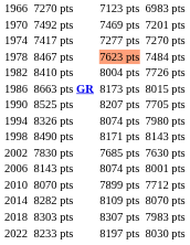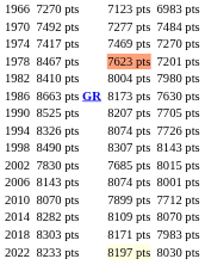 <table>
 <tr>
 <td>1966</td>
 <td></td>
 <td>7270 pts</td>
 <td></td>
 <td>7123 pts</td>
 <td></td>
 <td>6983 pts</td>
 </tr>
 <tr>
 <td>1970</td>
 <td></td>
 <td>7492 pts</td>
 <td></td>
-<td>7469 pts</td>
+<td>7277 pts</td>
 <td></td>
-<td>7201 pts</td>
+<td>7484 pts</td>
 </tr>
 <tr>
 <td>1974</td>
 <td></td>
 <td>7417 pts</td>
 <td></td>
-<td>7277 pts</td>
+<td>7469 pts</td>
 <td></td>
 <td>7270 pts</td>
 </tr>
 <tr>
 <td>1978</td>
 <td></td>
 <td>8467 pts</td>
 <td></td>
 <td style="background: lightsalmon;">7623 pts</td>
 <td></td>
-<td>7484 pts</td>
+<td>7201 pts</td>
 </tr>
 <tr>
 <td>1982</td>
 <td></td>
 <td>8410 pts</td>
 <td></td>
 <td>8004 pts</td>
 <td></td>
-<td>7726 pts</td>
+<td>7980 pts</td>
 </tr>
 <tr>
 <td>1986</td>
 <td></td>
 <td>8663 pts <strong><a href='#'>GR</a></strong></td>
 <td></td>
 <td>8173 pts</td>
 <td></td>
-<td>8015 pts</td>
+<td>7630 pts</td>
 </tr>
 <tr>
 <td>1990</td>
 <td></td>
 <td>8525 pts</td>
 <td></td>
 <td>8207 pts</td>
 <td></td>
 <td>7705 pts</td>
 </tr>
 <tr>
 <td>1994</td>
 <td></td>
 <td>8326 pts</td>
 <td></td>
 <td>8074 pts</td>
 <td></td>
-<td>7980 pts</td>
+<td>7726 pts</td>
 </tr>
 <tr>
 <td>1998</td>
 <td></td>
 <td>8490 pts</td>
 <td></td>
-<td>8171 pts</td>
+<td>8307 pts</td>
 <td></td>
 <td>8143 pts</td>
 </tr>
 <tr>
 <td>2002</td>
 <td></td>
 <td>7830 pts</td>
 <td></td>
 <td>7685 pts</td>
 <td></td>
-<td>7630 pts</td>
+<td>8015 pts</td>
 </tr>
 <tr>
 <td>2006</td>
 <td></td>
 <td>8143 pts</td>
 <td></td>
 <td>8074 pts</td>
 <td></td>
 <td>8001 pts</td>
 </tr>
 <tr>
 <td>2010</td>
 <td></td>
 <td>8070 pts</td>
 <td></td>
 <td>7899 pts</td>
 <td></td>
 <td>7712 pts</td>
 </tr>
 <tr>
 <td>2014</td>
 <td></td>
 <td>8282 pts</td>
 <td></td>
 <td>8109 pts</td>
 <td></td>
 <td>8070 pts</td>
 </tr>
 <tr>
 <td>2018</td>
 <td></td>
 <td>8303 pts</td>
 <td></td>
-<td>8307 pts</td>
+<td>8171 pts</td>
 <td></td>
 <td>7983 pts</td>
 </tr>
 <tr>
 <td>2022</td>
 <td></td>
 <td>8233 pts</td>
 <td></td>
-<td>8197 pts</td>
+<td style="background: lightyellow;">8197 pts</td>
 <td></td>
 <td>8030 pts</td>
 </tr>
 </table>
